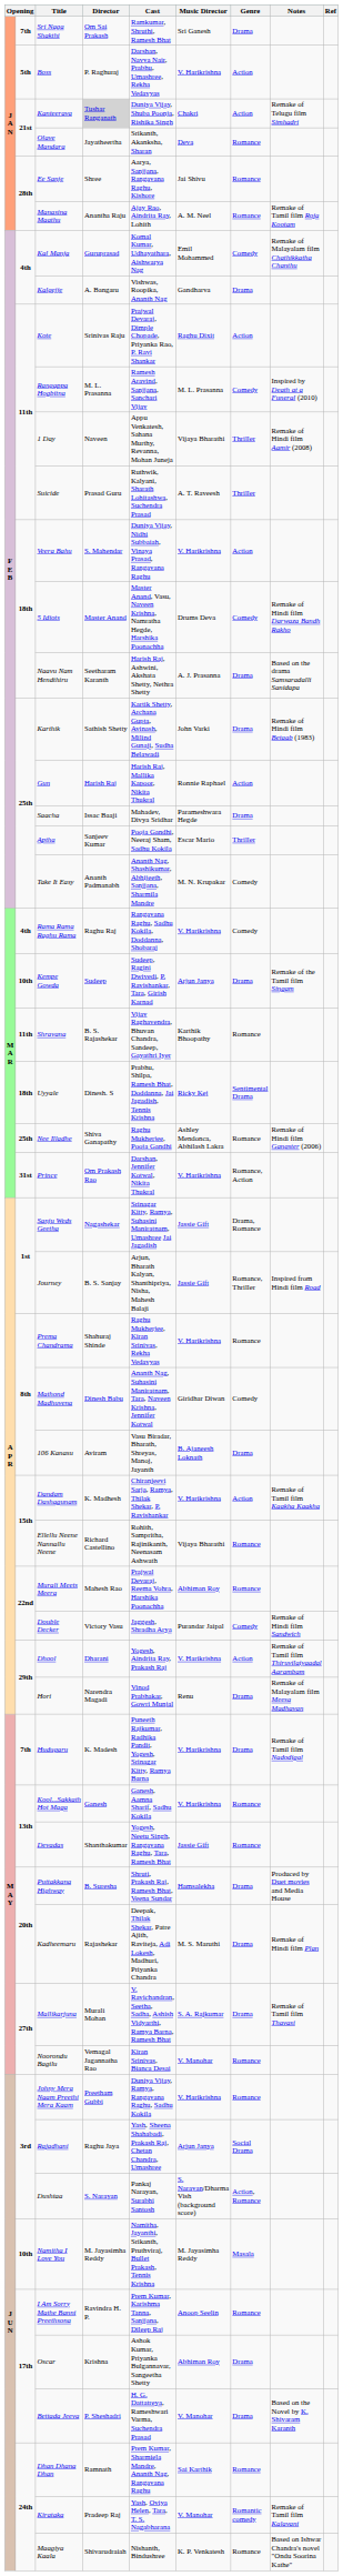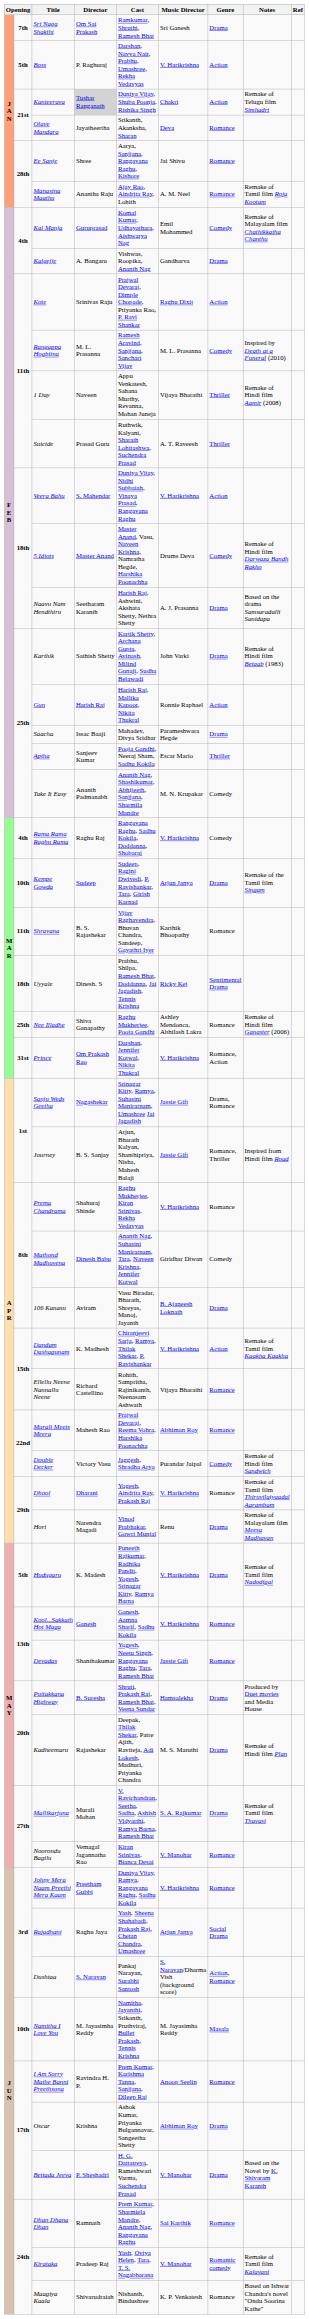 <table class="wikitable">
 <tr style="background:#b0e0e6; text-align:center;">
 <th colspan="2"><strong>Opening</strong></th>
 <th style="width:13%;"><strong>Title</strong></th>
 <th><strong>Director</strong></th>
 <th><strong>Cast</strong></th>
 <th><strong>Music Director</strong></th>
 <th><strong>Genre</strong></th>
 <th><strong>Notes</strong></th>
 <th><strong>Ref</strong></th>
 </tr>
 <tr January!>
 <td rowspan="6"   style="text-align:center; background:#ffa07a; textcolor:#000;"><strong>J<br>A<br>N</strong></td>
 <td rowspan="1" style="text-align:center;"><strong>7th</strong></td>
 <td><em><a href='#'>Sri Naga Shakthi</a></em></td>
 <td><a href='#'>Om Sai Prakash</a></td>
 <td><a href='#'>Ramkumar</a>, <a href='#'>Shruthi</a>, <a href='#'>Ramesh Bhat</a></td>
 <td>Sri Ganesh</td>
 <td><a href='#'>Drama</a></td>
 <td></td>
 <td></td>
 </tr>
 <tr>
 <td style="text-align:center;"><strong>5th</strong></td>
 <td><em><a href='#'>Boss</a></em></td>
 <td>P. Raghuraj</td>
 <td><a href='#'>Darshan</a>, <a href='#'>Navya Nair</a>, <a href='#'>Prabhu</a>, <a href='#'>Umashree</a>, <a href='#'>Rekha Vedavyas</a></td>
 <td><a href='#'>V. Harikrishna</a></td>
 <td><a href='#'>Action</a></td>
 <td></td>
 <td></td>
 </tr>
 <tr>
 <td rowspan="2" style="text-align:center;"><strong>21st</strong></td>
 <td><em><a href='#'>Kanteerava</a></em></td>
 <td style="background: lightgrey;"><a href='#'>Tushar Ranganath</a></td>
 <td><a href='#'>Duniya Vijay</a>, <a href='#'>Shuba Poonja</a>, <a href='#'>Rishika Singh</a></td>
 <td><a href='#'>Chakri</a></td>
 <td><a href='#'>Action</a></td>
 <td>Remake of Telugu film <em><a href='#'>Simhadri</a></em></td>
 <td></td>
 </tr>
 <tr>
 <td><em><a href='#'>Olave Mandara</a></em></td>
 <td>Jayatheertha</td>
 <td>Srikanth, Akanksha, <a href='#'>Sharan</a></td>
 <td><a href='#'>Deva</a></td>
 <td><a href='#'>Romance</a></td>
 <td></td>
 <td></td>
 </tr>
 <tr>
 <td rowspan="2" style="text-align:center;"><strong>28th</strong></td>
 <td><em><a href='#'>Ee Sanje</a></em></td>
 <td>Shree</td>
 <td>Aarya, <a href='#'>Sanjjana</a>, <a href='#'>Rangayana Raghu</a>, <a href='#'>Kishore</a></td>
 <td>Jai Shivu</td>
 <td><a href='#'>Romance</a></td>
 <td></td>
 <td></td>
 </tr>
 <tr>
 <td><em><a href='#'>Manasina Maathu</a></em></td>
 <td>Anantha Raju</td>
 <td><a href='#'>Ajay Rao</a>, <a href='#'>Aindrita Ray</a>, Lohith</td>
 <td>A. M. Neel</td>
 <td><a href='#'>Romance</a></td>
 <td>Remake of Tamil film <em><a href='#'>Roja Kootam</a></em></td>
 <td></td>
 </tr>
 <tr February!>
 <td rowspan="14"   style="text-align:center; background:thistle; textcolor:#000;"><strong>F<br>E<br>B</strong></td>
 <td rowspan="2" style="text-align:center;"><strong>4th</strong></td>
 <td><em><a href='#'>Kal Manja</a></em></td>
 <td><a href='#'>Guruprasad</a></td>
 <td><a href='#'>Komal Kumar</a>, <a href='#'>Udhayathara</a>, <a href='#'>Aishwarya Nag</a></td>
 <td>Emil Mohammed</td>
 <td><a href='#'>Comedy</a></td>
 <td>Remake of Malayalam film <em><a href='#'>Chathikkatha Chanthu</a></em></td>
 <td></td>
 </tr>
 <tr>
 <td><em><a href='#'>Kalgejje</a></em></td>
 <td>A. Bangaru</td>
 <td>Vishwas, Roopika, <a href='#'>Ananth Nag</a></td>
 <td>Gandharva</td>
 <td><a href='#'>Drama</a></td>
 <td></td>
 <td></td>
 </tr>
 <tr>
 <td rowspan="4" style="text-align:center;"><strong>11th</strong></td>
 <td><em><a href='#'>Kote</a></em></td>
 <td>Srinivas Raju</td>
 <td><a href='#'>Prajwal Devaraj</a>, <a href='#'>Dimple Chopade</a>, Priyanka Rao, <a href='#'>P. Ravi Shankar</a></td>
 <td><a href='#'>Raghu Dixit</a></td>
 <td><a href='#'>Action</a></td>
 <td></td>
 <td></td>
 </tr>
 <tr>
 <td><em><a href='#'>Rangappa Hogbitna</a></em></td>
 <td>M. L. Prasanna</td>
 <td><a href='#'>Ramesh Aravind</a>, <a href='#'>Sanjjana</a>, <a href='#'>Sanchari Vijay</a></td>
 <td>M. L. Prasanna</td>
 <td><a href='#'>Comedy</a></td>
 <td>Inspired by <em><a href='#'>Death at a Funeral</a></em> (2010)</td>
 <td></td>
 </tr>
 <tr>
 <td><em>1 Day</em></td>
 <td>Naveen</td>
 <td>Appu Venkatesh, Sahana Murthy, Revanna, Mohan Juneja</td>
 <td>Vijaya Bharathi</td>
 <td><a href='#'>Thriller</a></td>
 <td>Remake of Hindi film <em><a href='#'>Aamir</a></em> (2008)</td>
 <td></td>
 </tr>
 <tr>
 <td><em>Suicide</em></td>
 <td>Prasad Guru</td>
 <td>Ruthwik, Kalyani, <a href='#'>Sharath Lohitashwa</a>, <a href='#'>Suchendra Prasad</a></td>
 <td>A. T. Raveesh</td>
 <td><a href='#'>Thriller</a></td>
 <td></td>
 <td></td>
 </tr>
 <tr>
 <td rowspan="3" style="text-align:center;"><strong>18th</strong></td>
 <td><em><a href='#'>Veera Bahu</a></em></td>
 <td><a href='#'>S. Mahendar</a></td>
 <td><a href='#'>Duniya Vijay</a>, <a href='#'>Nidhi Subbaiah</a>, <a href='#'>Vinaya Prasad</a>, <a href='#'>Rangayana Raghu</a></td>
 <td><a href='#'>V. Harikrishna</a></td>
 <td><a href='#'>Action</a></td>
 <td></td>
 <td></td>
 </tr>
 <tr>
 <td><em><a href='#'>5 Idiots</a></em></td>
 <td><a href='#'>Master Anand</a></td>
 <td><a href='#'>Master Anand</a>, Vasu, <a href='#'>Naveen Krishna</a>, Namratha Hegde, <a href='#'>Harshika Poonachha</a></td>
 <td>Drums Deva</td>
 <td><a href='#'>Comedy</a></td>
 <td>Remake of Hindi film <em><a href='#'>Darwaza Bandh Rakho</a></em></td>
 <td></td>
 </tr>
 <tr>
 <td><em>Naavu Nam Hendthiru</em></td>
 <td>Seetharam Karanth</td>
 <td><a href='#'>Harish Raj</a>, Ashwini, Akshata Shetty, Nethra Shetty</td>
 <td>A. J. Prasanna</td>
 <td><a href='#'>Drama</a></td>
 <td>Based on the drama <em>Samsaradalli Sanidapa</em></td>
 <td></td>
 </tr>
 <tr>
 <td rowspan="5" style="text-align:center;"><strong>25th</strong></td>
 <td><em>Karthik</em></td>
 <td>Sathish Shetty</td>
 <td><a href='#'>Kartik Shetty</a>, <a href='#'>Archana Gupta</a>, <a href='#'>Avinash</a>, <a href='#'>Milind Gunaji</a>, <a href='#'>Sudha Belawadi</a></td>
 <td>John Varki</td>
 <td><a href='#'>Drama</a></td>
 <td>Remake of Hindi film <em><a href='#'>Betaab</a></em> (1983)</td>
 <td></td>
 </tr>
 <tr>
 <td><em><a href='#'>Gun</a></em></td>
 <td><a href='#'>Harish Raj</a></td>
 <td><a href='#'>Harish Raj</a>, <a href='#'>Mallika Kapoor</a>, <a href='#'>Nikita Thukral</a></td>
 <td>Ronnie Raphael</td>
 <td><a href='#'>Action</a></td>
 <td></td>
 <td></td>
 </tr>
 <tr>
 <td><em>Saacha</em></td>
 <td>Issac Baaji</td>
 <td>Mahadev, Divya Sridhar</td>
 <td>Parameshwara Hegde</td>
 <td><a href='#'>Drama</a></td>
 <td></td>
 <td></td>
 </tr>
 <tr>
 <td><em><a href='#'>Aptha</a></em></td>
 <td>Sanjeev Kumar</td>
 <td><a href='#'>Pooja Gandhi</a>, Neeraj Sham, <a href='#'>Sadhu Kokila</a></td>
 <td>Escar Mario</td>
 <td><a href='#'>Thriller</a></td>
 <td></td>
 <td></td>
 </tr>
 <tr>
 <td><em>Take It Easy</em></td>
 <td>Ananth Padmanabh</td>
 <td><a href='#'>Ananth Nag</a>, <a href='#'>Shashikumar</a>, <a href='#'>Abhijeeth</a>, <a href='#'>Sanjjana</a>, <a href='#'>Sharmila Mandre</a></td>
 <td>M. N. Krupakar</td>
 <td>Comedy</td>
 <td></td>
 <td></td>
 </tr>
 <tr March!>
 <td rowspan="6"   style="text-align:center; background:#98fb98; textcolor:#000;"><strong>M<br>A<br>R</strong></td>
 <td style="text-align:center;"><strong>4th</strong></td>
 <td><em><a href='#'>Rama Rama Raghu Rama</a></em></td>
 <td>Raghu Raj</td>
 <td><a href='#'>Rangayana Raghu</a>, <a href='#'>Sadhu Kokila</a>, <a href='#'>Doddanna</a>, <a href='#'>Shobaraj</a></td>
 <td><a href='#'>V. Harikrishna</a></td>
 <td>Comedy</td>
 <td></td>
 <td></td>
 </tr>
 <tr>
 <td style="text-align:center;"><strong>10th</strong></td>
 <td><em><a href='#'>Kempe Gowda</a></em></td>
 <td><a href='#'>Sudeep</a></td>
 <td><a href='#'>Sudeep</a>, <a href='#'>Ragini Dwivedi</a>, <a href='#'>P. Ravishankar</a>, <a href='#'>Tara</a>, <a href='#'>Girish Karnad</a></td>
 <td><a href='#'>Arjun Janya</a></td>
 <td><a href='#'>Drama</a></td>
 <td>Remake of the Tamil film <em><a href='#'>Singam</a></em></td>
 <td></td>
 </tr>
 <tr>
 <td style="text-align:center;"><strong>11th</strong></td>
 <td><em><a href='#'>Shravana</a></em></td>
 <td>B. S. Rajashekar</td>
 <td><a href='#'>Vijay Raghavendra</a>, Bhuvan Chandra, Sandeep, <a href='#'>Gayathri Iyer</a></td>
 <td>Karthik Bhoopathy</td>
 <td>Romance</td>
 <td></td>
 <td></td>
 </tr>
 <tr>
 <td rowspan-"1" style="text-align:center;"><strong>18th</strong></td>
 <td><em>Uyyale</em></td>
 <td>Dinesh. S</td>
 <td>Prabhu, Shilpa, <a href='#'>Ramesh Bhat</a>, <a href='#'>Doddanna</a>, <a href='#'>Jai Jagadish</a>, <a href='#'>Tennis Krishna</a></td>
 <td><a href='#'>Ricky Kej</a></td>
 <td><a href='#'>Sentimental Drama</a></td>
 <td></td>
 <td></td>
 </tr>
 <tr>
 <td style="text-align:center;"><strong>25th</strong></td>
 <td><em><a href='#'>Nee Illadhe</a></em></td>
 <td>Shiva Ganapathy</td>
 <td><a href='#'>Raghu Mukherjee</a>, <a href='#'>Pooja Gandhi</a></td>
 <td>Ashley Mendonca, Abhilash Lakra</td>
 <td>Romance</td>
 <td>Remake of Hindi film <em><a href='#'>Gangster</a></em> (2006)</td>
 <td></td>
 </tr>
 <tr>
 <td style="text-align:center;"><strong>31st</strong></td>
 <td><em><a href='#'>Prince</a></em></td>
 <td><a href='#'>Om Prakash Rao</a></td>
 <td><a href='#'>Darshan</a>, <a href='#'>Jennifer Kotwal</a>, <a href='#'>Nikita Thukral</a></td>
 <td><a href='#'>V. Harikrishna</a></td>
 <td>Romance, Action</td>
 <td></td>
 <td></td>
 </tr>
 <tr April!>
 <td rowspan="11"   style="text-align:center; background:#ffdead; textcolor:#000;"><strong>A<br>P<br>R</strong></td>
 <td rowspan="2" style="text-align:center;"><strong>1st</strong></td>
 <td><em><a href='#'>Sanju Weds Geetha</a></em></td>
 <td><a href='#'>Nagashekar</a></td>
 <td><a href='#'>Srinagar Kitty</a>, <a href='#'>Ramya</a>, <a href='#'>Suhasini Maniratnam</a>, <a href='#'>Umashree</a> <a href='#'>Jai Jagadish</a></td>
 <td><a href='#'>Jassie Gift</a></td>
 <td>Drama, Romance</td>
 <td></td>
 <td></td>
 </tr>
 <tr>
 <td><em>Journey</em></td>
 <td>B. S. Sanjay</td>
 <td>Arjun, Bharath Kalyan, Shanthipriya, Nisha, Mahesh Balaji</td>
 <td><a href='#'>Jassie Gift</a></td>
 <td>Romance, Thriller</td>
 <td>Inspired from Hindi film <em><a href='#'>Road</a></em></td>
 <td></td>
 </tr>
 <tr>
 <td rowspan="3" style="text-align:center;"><strong>8th</strong></td>
 <td><em><a href='#'>Prema Chandrama</a></em></td>
 <td>Shahuraj Shinde</td>
 <td><a href='#'>Raghu Mukherjee</a>, <a href='#'>Kiran Srinivas</a>, <a href='#'>Rekha Vedavyas</a></td>
 <td><a href='#'>V. Harikrishna</a></td>
 <td>Romance</td>
 <td></td>
 <td></td>
 </tr>
 <tr>
 <td><em><a href='#'>Mathond Madhuvena</a></em></td>
 <td><a href='#'>Dinesh Babu</a></td>
 <td><a href='#'>Ananth Nag</a>, <a href='#'>Suhasini Maniratnam</a>, <a href='#'>Tara</a>, <a href='#'>Naveen Krishna</a>, <a href='#'>Jennifer Kotwal</a></td>
 <td>Giridhar Diwan</td>
 <td>Comedy</td>
 <td></td>
 <td></td>
 </tr>
 <tr>
 <td><em>106 Kanasu</em></td>
 <td>Aviram</td>
 <td>Vasu Biradar, Bharath, Shreyas, Manoj, Jayanth</td>
 <td><a href='#'>B. Ajaneesh Loknath</a></td>
 <td><a href='#'>Drama</a></td>
 <td></td>
 <td></td>
 </tr>
 <tr>
 <td rowspan="2" style="text-align:center;"><strong>15th</strong></td>
 <td><em><a href='#'>Dandam Dashagunam</a></em></td>
 <td>K. Madhesh</td>
 <td><a href='#'>Chiranjeevi Sarja</a>, <a href='#'>Ramya</a>, <a href='#'>Thilak Shekar</a>, <a href='#'>P. Ravishankar</a></td>
 <td><a href='#'>V. Harikrishna</a></td>
 <td><a href='#'>Action</a></td>
 <td>Remake of Tamil film <em><a href='#'>Kaakha Kaakha</a></em></td>
 <td></td>
 </tr>
 <tr>
 <td><em>Ellellu Neene Nannallu Neene</em></td>
 <td>Richard Castellino</td>
 <td>Rohith, Sampritha, Rajinikanth, Neenasam Ashwath</td>
 <td>Vijaya Bharathi</td>
 <td><a href='#'>Romance</a></td>
 <td></td>
 <td></td>
 </tr>
 <tr>
 <td rowspan="2" style="text-align:center;"><strong>22nd</strong></td>
 <td><em><a href='#'>Murali Meets Meera</a></em></td>
 <td>Mahesh Rao</td>
 <td><a href='#'>Prajwal Devaraj</a>, <a href='#'>Reema Vohra</a>, <a href='#'>Harshika Poonachha</a></td>
 <td><a href='#'>Abhiman Roy</a></td>
 <td><a href='#'>Romance</a></td>
 <td></td>
 <td></td>
 </tr>
 <tr>
 <td><em><a href='#'>Double Decker</a></em></td>
 <td>Victory Vasu</td>
 <td><a href='#'>Jaggesh</a>, <a href='#'>Shradha Arya</a></td>
 <td>Purandar Jaipal</td>
 <td><a href='#'>Comedy</a></td>
 <td>Remake of Hindi film <em><a href='#'>Sandwich</a></em></td>
 <td></td>
 </tr>
 <tr>
 <td rowspan="2" style="text-align:center;"><strong>29th</strong></td>
 <td><em><a href='#'>Dhool</a></em></td>
 <td><a href='#'>Dharani</a></td>
 <td><a href='#'>Yogesh</a>, <a href='#'>Aindrita Ray</a>, <a href='#'>Prakash Raj</a></td>
 <td><a href='#'>V. Harikrishna</a></td>
-<td><a href='#'>Action</a></td>
+<td>Romance</td>
 <td>Remake of Tamil film <em><a href='#'>Thiruvilaiyaadal Aarambam</a></em></td>
 <td></td>
 </tr>
 <tr>
 <td><em>Hori</em></td>
 <td>Narendra Magadi</td>
 <td><a href='#'>Vinod Prabhakar</a>, <a href='#'>Gowri Munjal</a></td>
 <td>Renu</td>
 <td><a href='#'>Drama</a></td>
 <td>Remake of Malayalam film <em><a href='#'>Meesa Madhavan</a></em></td>
 <td></td>
 </tr>
 <tr May!>
 <td rowspan="7"   style="text-align:center; background:#edafaf; textcolor:#000;"><strong>M<br>A<br>Y</strong></td>
-<td rowspan="1" style="text-align:center;"><strong>7th</strong></td>
+<td style="text-align:center;"><strong>5th</strong></td>
 <td><em><a href='#'>Hudugaru</a></em></td>
 <td>K. Madesh</td>
 <td><a href='#'>Puneeth Rajkumar</a>, <a href='#'>Radhika Pandit</a>, <a href='#'>Yogesh</a>, <a href='#'>Srinagar Kitty</a>, <a href='#'>Ramya Barna</a></td>
 <td><a href='#'>V. Harikrishna</a></td>
 <td><a href='#'>Drama</a></td>
 <td>Remake of Tamil film <em><a href='#'>Nadodigal</a></em></td>
 <td></td>
 </tr>
 <tr>
 <td rowspan="2" style="text-align:center;"><strong>13th</strong></td>
 <td><em><a href='#'>Kool...Sakkath Hot Maga</a></em></td>
 <td><a href='#'>Ganesh</a></td>
 <td><a href='#'>Ganesh</a>, <a href='#'>Aamna Sharif</a>, <a href='#'>Sadhu Kokila</a></td>
 <td><a href='#'>V. Harikrishna</a></td>
 <td><a href='#'>Romance</a></td>
 <td></td>
 <td></td>
 </tr>
 <tr>
 <td><em><a href='#'>Devadas</a></em></td>
 <td>Shanthakumar</td>
 <td><a href='#'>Yogesh</a>, <a href='#'>Neetu Singh</a>, <a href='#'>Rangayana Raghu</a>, <a href='#'>Tara</a>, <a href='#'>Ramesh Bhat</a></td>
 <td><a href='#'>Jassie Gift</a></td>
 <td><a href='#'>Romance</a></td>
 <td></td>
 <td></td>
 </tr>
 <tr>
 <td rowspan="2" style="text-align:center;"><strong>20th</strong></td>
 <td><em><a href='#'>Puttakkana Highway</a></em></td>
 <td><a href='#'>B. Suresha</a></td>
 <td><a href='#'>Shruti</a>, <a href='#'>Prakash Raj</a>, <a href='#'>Ramesh Bhat</a>, <a href='#'>Veena Sundar</a></td>
 <td><a href='#'>Hamsalekha</a></td>
 <td><a href='#'>Drama</a></td>
 <td>Produced by <a href='#'>Duet movies</a> and Media House</td>
 <td></td>
 </tr>
 <tr>
 <td><em>Kadheemaru</em></td>
 <td>Rajashekar</td>
 <td>Deepak, <a href='#'>Thilak Shekar</a>, Patre Ajith, Raviteja, <a href='#'>Adi Lokesh</a>, Madhuri, Priyanka Chandra</td>
 <td>M. S. Maruthi</td>
 <td><a href='#'>Drama</a></td>
 <td>Remake of Hindi film <em><a href='#'>Plan</a></em></td>
 <td></td>
 </tr>
 <tr>
 <td rowspan="2" style="text-align:center;"><strong>27th</strong></td>
 <td><em><a href='#'>Mallikarjuna</a></em></td>
 <td>Murali Mohan</td>
 <td><a href='#'>V. Ravichandran</a>, <a href='#'>Seetha</a>, <a href='#'>Sadha</a>, <a href='#'>Ashish Vidyarthi</a>, <a href='#'>Ramya Barna</a>, <a href='#'>Ramesh Bhat</a></td>
 <td><a href='#'>S. A. Rajkumar</a></td>
 <td><a href='#'>Drama</a></td>
 <td>Remake of Tamil film <em><a href='#'>Thavasi</a></em></td>
 <td></td>
 </tr>
 <tr>
 <td><em>Noorondu Bagilu</em></td>
 <td>Vemagal Jagannatha Rao</td>
 <td><a href='#'>Kiran Srinivas</a>, <a href='#'>Bianca Desai</a></td>
 <td><a href='#'>V. Manohar</a></td>
 <td><a href='#'>Romance</a></td>
 <td></td>
 <td></td>
 </tr>
 <tr June!>
 <td rowspan="10"   style="text-align:center; background:#d9c1b0; textcolor:#000;"><strong>J<br>U<br>N</strong></td>
 <td rowspan="3" style="text-align:center;"><strong>3rd</strong></td>
 <td><em><a href='#'>Johny Mera Naam Preethi Mera Kaam</a></em></td>
 <td><a href='#'>Preetham Gubbi</a></td>
 <td><a href='#'>Duniya Vijay</a>, <a href='#'>Ramya</a>, <a href='#'>Rangayana Raghu</a>, <a href='#'>Sadhu Kokila</a></td>
 <td><a href='#'>V. Harikrishna</a></td>
 <td><a href='#'>Romance</a></td>
 <td></td>
 <td></td>
 </tr>
 <tr>
 <td><em><a href='#'>Rajadhani</a></em></td>
 <td>Raghu Jaya</td>
 <td><a href='#'>Yash</a>, <a href='#'>Sheena Shahabadi</a>, <a href='#'>Prakash Raj</a>, <a href='#'>Chetan Chandra</a>, <a href='#'>Umashree</a></td>
 <td><a href='#'>Arjun Janya</a></td>
 <td><a href='#'>Social Drama</a></td>
 <td></td>
 <td></td>
 </tr>
 <tr>
 <td><em>Dushtaa</em></td>
 <td><a href='#'>S. Narayan</a></td>
 <td>Pankaj Narayan, <a href='#'>Surabhi Santosh</a></td>
 <td><a href='#'>S. Narayan</a>/Dharma Vish (background score)</td>
 <td><a href='#'>Action</a>, <a href='#'>Romance</a></td>
 <td></td>
 <td></td>
 </tr>
 <tr>
 <td style="text-align:center;"><strong>10th</strong></td>
 <td><em><a href='#'>Namitha I Love You</a></em></td>
 <td>M. Jayasimha Reddy</td>
 <td><a href='#'>Namitha</a>, <a href='#'>Jayanthi</a>, Srikanth, Pruthviraj, <a href='#'>Bullet Prakash</a>, <a href='#'>Tennis Krishna</a></td>
 <td>M. Jayasimha Reddy</td>
 <td><a href='#'>Masala</a></td>
 <td></td>
 <td></td>
 </tr>
 <tr>
 <td rowspan="3" style="text-align:center;"><strong>17th</strong></td>
 <td><em><a href='#'>I Am Sorry Mathe Banni Preethsona</a></em></td>
 <td>Ravindra H. P.</td>
 <td><a href='#'>Prem Kumar</a>, <a href='#'>Karishma Tanna</a>, <a href='#'>Sanjjana</a>, <a href='#'>Dileep Raj</a></td>
 <td><a href='#'>Anoop Seelin</a></td>
 <td><a href='#'>Romance</a></td>
 <td></td>
 <td></td>
 </tr>
 <tr>
 <td><em>Oscar</em></td>
 <td>Krishna</td>
 <td>Ashok Kumar, Priyanka Bulgannavar, Sangeetha Shetty</td>
 <td><a href='#'>Abhiman Roy</a></td>
 <td><a href='#'>Drama</a></td>
 <td></td>
 <td></td>
 </tr>
 <tr>
 <td><em><a href='#'>Bettada Jeeva</a></em></td>
 <td><a href='#'>P. Sheshadri</a></td>
 <td><a href='#'>H. G. Dattatreya</a>, Rameshwari Varma, <a href='#'>Suchendra Prasad</a></td>
 <td><a href='#'>V. Manohar</a></td>
 <td><a href='#'>Drama</a></td>
 <td>Based on the Novel by <a href='#'>K. Shivaram Karanth</a></td>
 <td></td>
 </tr>
 <tr>
 <td rowspan="3" style="text-align:center;"><strong>24th</strong></td>
 <td><em><a href='#'>Dhan Dhana Dhan</a></em></td>
 <td>Ramnath</td>
 <td><a href='#'>Prem Kumar</a>, <a href='#'>Sharmiela Mandre</a>, <a href='#'>Ananth Nag</a>, <a href='#'>Rangayana Raghu</a></td>
 <td><a href='#'>Sai Karthik</a></td>
 <td><a href='#'>Romance</a></td>
 <td></td>
 <td></td>
 </tr>
 <tr>
 <td><em><a href='#'>Kirataka</a></em></td>
 <td>Pradeep Raj</td>
 <td><a href='#'>Yash</a>, <a href='#'>Oviya Helen</a>, <a href='#'>Tara</a>, <a href='#'>T. S. Nagabharana</a></td>
 <td><a href='#'>V. Manohar</a></td>
 <td><a href='#'>Romantic comedy</a></td>
 <td>Remake of Tamil film <em><a href='#'>Kalavani</a></em></td>
 <td></td>
 </tr>
 <tr>
 <td><em>Maagiya Kaala</em></td>
 <td>Shivarudraiah</td>
 <td>Nishanth, Bindushree</td>
 <td>K. P. Venkatesh</td>
 <td>Romance</td>
 <td>Based on Ishwar Chandra's novel "Ondu Soorina Kathe"</td>
 <td></td>
 </tr>
 </table>
